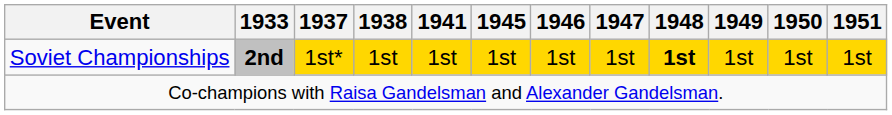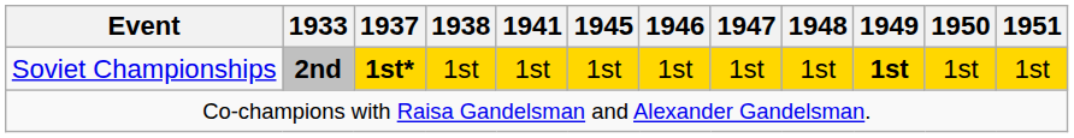 <table class="wikitable" style="text-align:center">
 <tr>
 <th>Event</th>
 <th>1933</th>
 <th>1937</th>
 <th>1938</th>
 <th>1941</th>
 <th>1945</th>
 <th>1946</th>
 <th>1947</th>
 <th>1948</th>
 <th>1949</th>
 <th>1950</th>
 <th>1951</th>
 </tr>
 <tr>
 <td align=left><a href='#'>Soviet Championships</a></td>
 <td bgcolor=silver><strong>2nd</strong></td>
-<td bgcolor=gold>1st*</td>
+<td bgcolor=gold><strong>1st*</strong></td>
+<td bgcolor=gold>1st</td>
 <td bgcolor=gold>1st</td>
 <td bgcolor=gold>1st</td>
 <td bgcolor=gold>1st</td>
 <td bgcolor=gold>1st</td>
 <td bgcolor=gold>1st</td>
 <td bgcolor=gold><strong>1st</strong></td>
 <td bgcolor=gold>1st</td>
 <td bgcolor=gold>1st</td>
-<td bgcolor=gold>1st</td>
 </tr>
 <tr>
 <td colspan=12 align=center><small> Co-champions with <a href='#'>Raisa Gandelsman</a> and <a href='#'>Alexander Gandelsman</a>. </small></td>
 </tr>
 </table>
